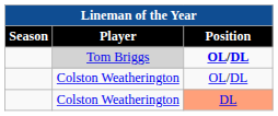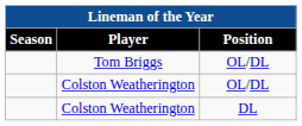 <table class="wikitable sortable" style="text-align:center">
 <tr>
 <td colspan="4" style="background:#0F4D92; color:white;"><strong>Lineman of the Year</strong></td>
 </tr>
 <tr>
 <th style="width:50px; background:black; color:white;">Season</th>
 <th style="width:150px; background:black; color:white;">Player</th>
 <th style="width:100px; background:black; color:white;">Position</th>
 </tr>
 <tr>
 <td></td>
-<td style="background: lightgrey;"><a href='#'>Tom Briggs</a></td>
-<td><strong><a href='#'>OL</a>/<a href='#'>DL</a></strong></td>
+<td><a href='#'>Tom Briggs</a></td>
+<td><a href='#'>OL</a>/<a href='#'>DL</a></td>
 </tr>
 <tr>
 <td></td>
 <td><a href='#'>Colston Weatherington</a></td>
 <td><a href='#'>OL</a>/<a href='#'>DL</a></td>
 </tr>
 <tr>
 <td></td>
 <td><a href='#'>Colston Weatherington</a></td>
-<td style="background: lightsalmon;"><a href='#'>DL</a></td>
+<td><a href='#'>DL</a></td>
 </tr>
 </table>
